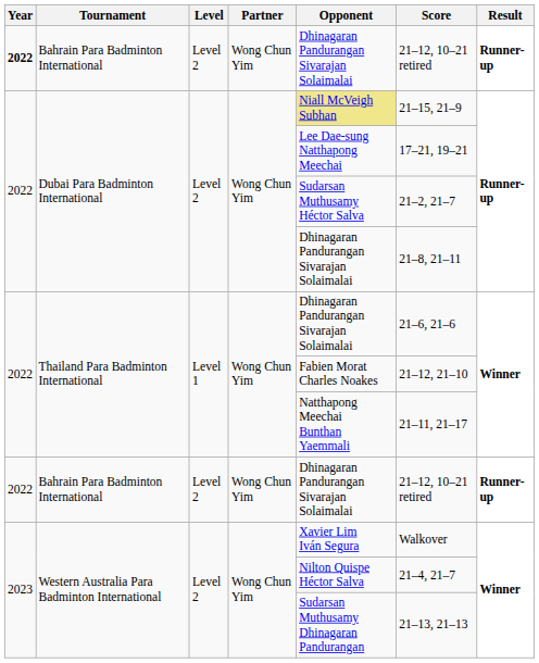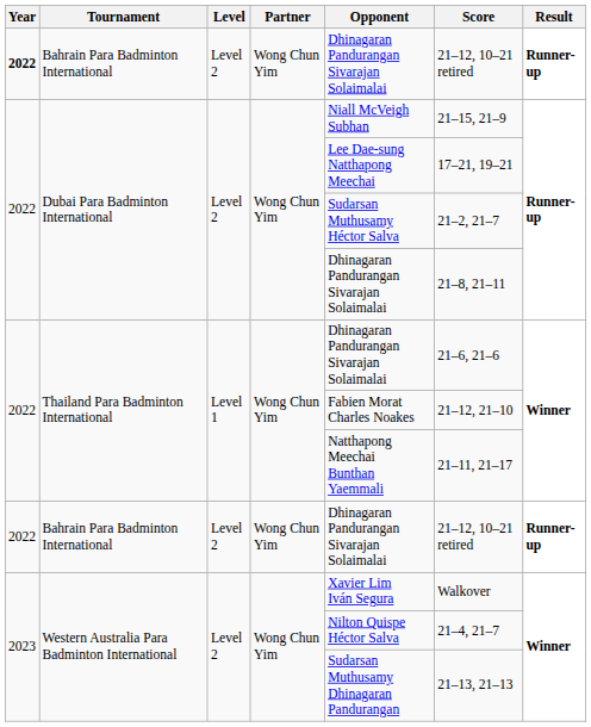 <table class="sortable wikitable" style="font-size: 90%;">
 <tr>
 <th>Year</th>
 <th>Tournament</th>
 <th>Level</th>
 <th>Partner</th>
 <th>Opponent</th>
 <th>Score</th>
 <th>Result</th>
 </tr>
 <tr>
 <td align="center"><strong>2022</strong></td>
 <td align="left">Bahrain Para Badminton International</td>
 <td align="left">Level 2</td>
 <td> Wong Chun Yim</td>
 <td align="left"> <a href='#'>Dhinagaran Pandurangan</a><br> <a href='#'>Sivarajan Solaimalai</a></td>
 <td align="left">21–12, 10–21 retired</td>
 <td style="text-align:left; background:white"><strong> Runner-up</strong></td>
 </tr>
 <tr>
 <td rowspan="4" align="center">2022</td>
 <td rowspan="4" align="left">Dubai Para Badminton International</td>
 <td rowspan="4" align="left">Level 2</td>
 <td rowspan="4"> Wong Chun Yim</td>
-<td align="left" style="background: khaki;"> <a href='#'>Niall McVeigh</a><br> <a href='#'>Subhan</a></td>
+<td align="left"> <a href='#'>Niall McVeigh</a><br> <a href='#'>Subhan</a></td>
 <td align="left">21–15, 21–9</td>
 <td rowspan="4" style="text-align:left; background:white"><strong> Runner-up</strong></td>
 </tr>
 <tr>
 <td align="left"> <a href='#'>Lee Dae-sung</a><br> <a href='#'>Natthapong Meechai</a></td>
 <td align="left">17–21, 19–21</td>
 </tr>
 <tr>
 <td align="left"> <a href='#'>Sudarsan Muthusamy</a><br> <a href='#'>Héctor Salva</a></td>
 <td align="left">21–2, 21–7</td>
 </tr>
 <tr>
 <td align="left"> Dhinagaran Pandurangan<br> Sivarajan Solaimalai</td>
 <td align="left">21–8, 21–11</td>
 </tr>
 <tr>
 <td rowspan="3" align="center">2022</td>
 <td rowspan="3" align="left">Thailand Para Badminton International</td>
 <td rowspan="3" align="left">Level 1</td>
 <td rowspan="3"> Wong Chun Yim</td>
 <td align="left"> Dhinagaran Pandurangan<br> Sivarajan Solaimalai</td>
 <td align="left">21–6, 21–6</td>
 <td rowspan="3" style="text-align:left; background:white"><strong> Winner</strong></td>
 </tr>
 <tr>
 <td align="left"> Fabien Morat<br> Charles Noakes</td>
 <td align="left">21–12, 21–10</td>
 </tr>
 <tr>
 <td align="left"> Natthapong Meechai<br> <a href='#'>Bunthan Yaemmali</a></td>
 <td align="left">21–11, 21–17</td>
 </tr>
 <tr>
 <td align="center">2022</td>
 <td align="left">Bahrain Para Badminton International</td>
 <td align="left">Level 2</td>
 <td> Wong Chun Yim</td>
 <td align="left"> Dhinagaran Pandurangan<br> Sivarajan Solaimalai</td>
 <td align="left">21–12, 10–21 retired</td>
 <td style="text-align:left; background:white"><strong> Runner-up</strong></td>
 </tr>
 <tr>
 <td rowspan="3" align="center">2023</td>
 <td rowspan="3" align="left">Western Australia Para Badminton International</td>
 <td rowspan="3" align="left">Level 2</td>
 <td rowspan="3"> Wong Chun Yim</td>
 <td align="left"> <a href='#'>Xavier Lim</a><br> <a href='#'>Iván Segura</a></td>
 <td align="left">Walkover</td>
 <td rowspan="3" style="text-align:left; background:white"><strong> Winner</strong></td>
 </tr>
 <tr>
 <td align="left"> <a href='#'>Nilton Quispe</a><br> <a href='#'>Héctor Salva</a></td>
 <td align="left">21–4, 21–7</td>
 </tr>
 <tr>
 <td align="left"> <a href='#'>Sudarsan Muthusamy</a><br> <a href='#'>Dhinagaran Pandurangan</a></td>
 <td align="left">21–13, 21–13</td>
 </tr>
 </table>
